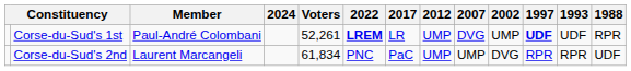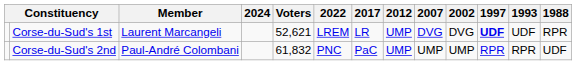 <table class="wikitable sortable">
 <tr>
 <th colspan="2">Constituency</th>
 <th>Member</th>
 <th>2024</th>
 <th>Voters</th>
 <th>2022</th>
 <th>2017</th>
 <th>2012</th>
 <th>2007</th>
 <th>2002</th>
 <th>1997</th>
 <th>1993</th>
 <th>1988</th>
 </tr>
 <tr>
 <td style="background-color: "></td>
 <td><a href='#'>Corse-du-Sud's 1st</a></td>
-<td><a href='#'>Paul-André Colombani</a></td>
+<td><a href='#'>Laurent Marcangeli</a></td>
 <td></td>
-<td>52,261</td>
-<td><strong><a href='#'>LREM</a></strong></td>
+<td>52,621</td>
+<td><a href='#'>LREM</a></td>
 <td><a href='#'>LR</a></td>
 <td bgcolor=><a href='#'>UMP</a></td>
 <td bgcolor=><a href='#'>DVG</a></td>
-<td bgcolor=>UMP</td>
+<td bgcolor=>DVG</td>
 <td bgcolor=><strong><a href='#'>UDF</a></strong></td>
 <td bgcolor=>UDF</td>
 <td bgcolor=>RPR</td>
 </tr>
 <tr>
 <td style="background-color: "></td>
 <td><a href='#'>Corse-du-Sud's 2nd</a></td>
-<td><a href='#'>Laurent Marcangeli</a></td>
+<td><a href='#'>Paul-André Colombani</a></td>
 <td></td>
-<td>61,834</td>
+<td>61,832</td>
 <td><a href='#'>PNC</a></td>
 <td><a href='#'>PaC</a></td>
 <td bgcolor=><a href='#'>UMP</a></td>
 <td bgcolor=>UMP</td>
-<td bgcolor=>DVG</td>
+<td bgcolor=>UMP</td>
 <td bgcolor=><a href='#'>RPR</a></td>
 <td bgcolor=>RPR</td>
 <td bgcolor=>UDF</td>
 </tr>
 </table>
